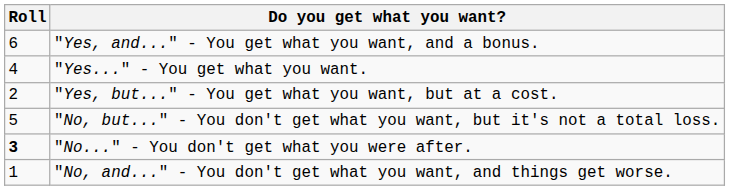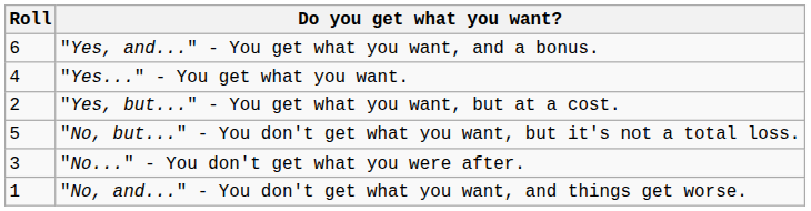 <table class="wikitable">
 <tr>
 <th>Roll</th>
 <th>Do you get what you want?</th>
 </tr>
 <tr>
 <td>6</td>
 <td>"<em>Yes, and...</em>" - You get what you want, and a bonus.</td>
 </tr>
 <tr>
 <td>4</td>
 <td>"<em>Yes...</em>" - You get what you want.</td>
 </tr>
 <tr>
 <td>2</td>
 <td>"<em>Yes, but...</em>" - You get what you want, but at a cost.</td>
 </tr>
 <tr>
 <td>5</td>
 <td>"<em>No, but...</em>" - You don't get what you want, but it's not a total loss.</td>
 </tr>
 <tr>
-<td><strong>3</strong></td>
+<td>3</td>
 <td>"<em>No...</em>" - You don't get what you were after.</td>
 </tr>
 <tr>
 <td>1</td>
 <td>"<em>No, and...</em>" - You don't get what you want, and things get worse.</td>
 </tr>
 </table>
